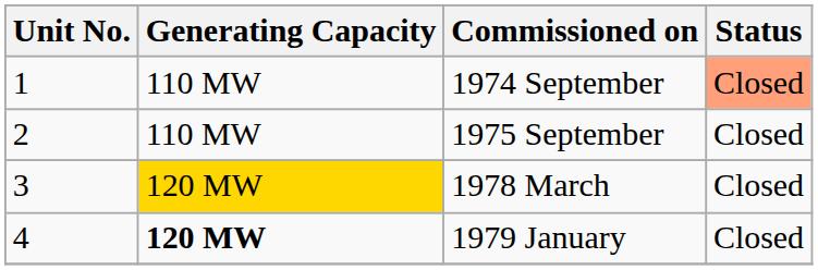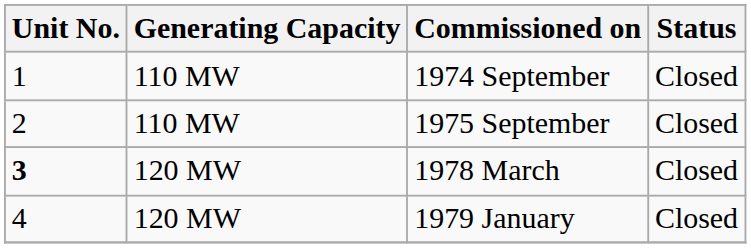 <table class="wikitable">
 <tr>
 <th>Unit No.</th>
 <th>Generating Capacity</th>
 <th>Commissioned on</th>
 <th>Status</th>
 </tr>
 <tr>
 <td>1</td>
 <td>110 MW</td>
 <td>1974 September</td>
-<td style="background: lightsalmon;">Closed </td>
+<td>Closed </td>
 </tr>
 <tr>
 <td>2</td>
 <td>110 MW</td>
 <td>1975 September</td>
 <td>Closed </td>
 </tr>
 <tr>
-<td>3</td>
-<td style="background: gold;">120 MW</td>
+<td><strong>3</strong></td>
+<td>120 MW</td>
 <td>1978 March</td>
 <td>Closed </td>
 </tr>
 <tr>
 <td>4</td>
-<td><strong>120 MW</strong></td>
+<td>120 MW</td>
 <td>1979 January</td>
 <td>Closed </td>
 </tr>
 <tr>
 </tr>
 </table>
